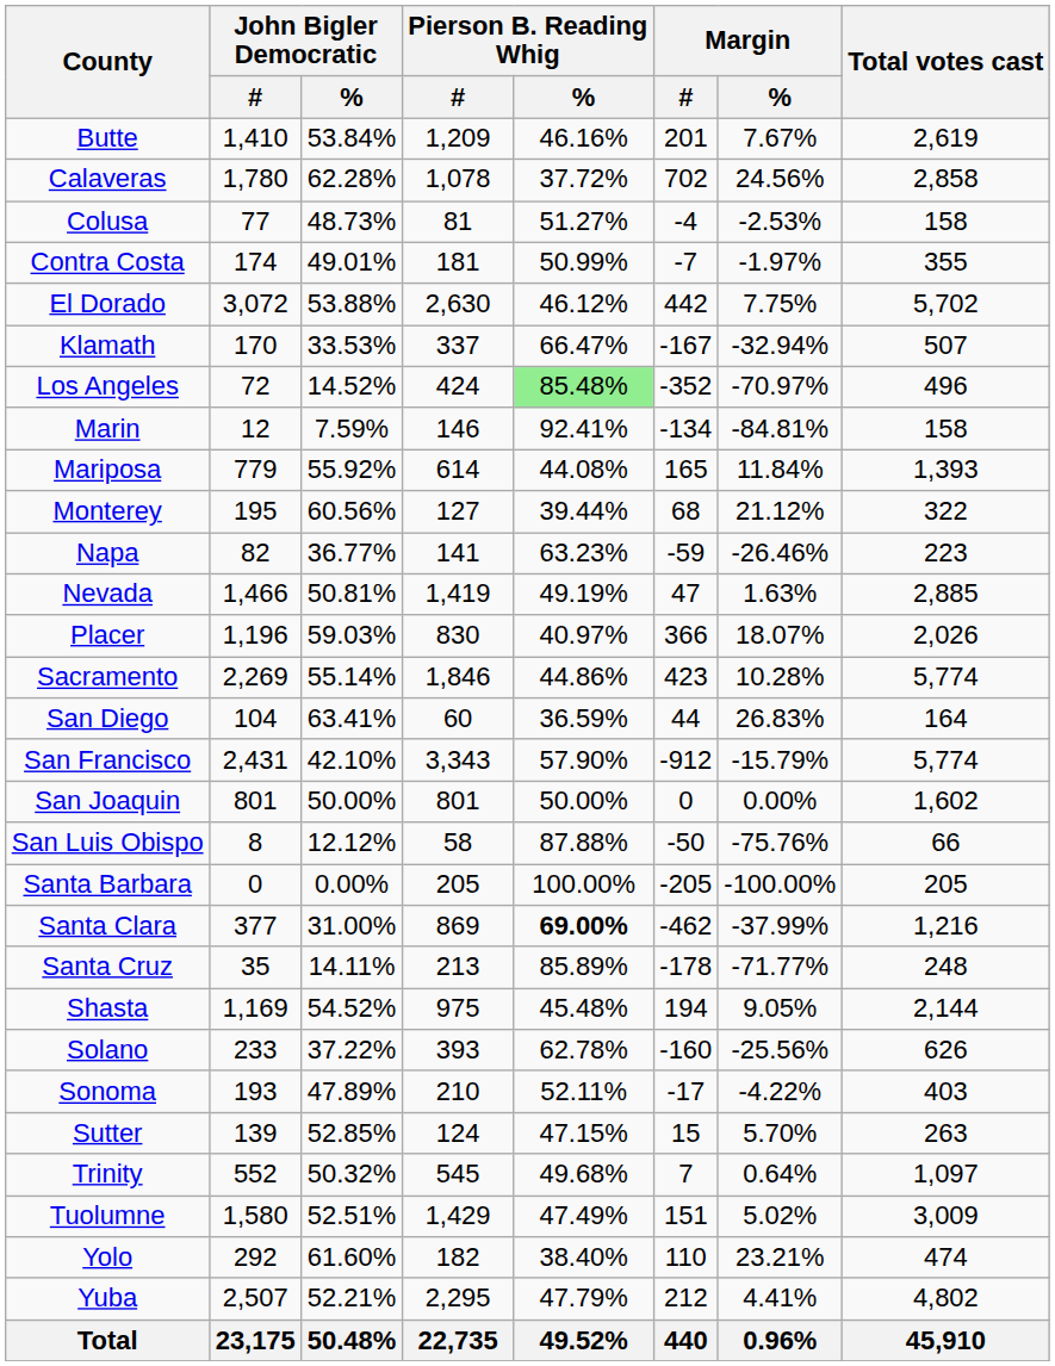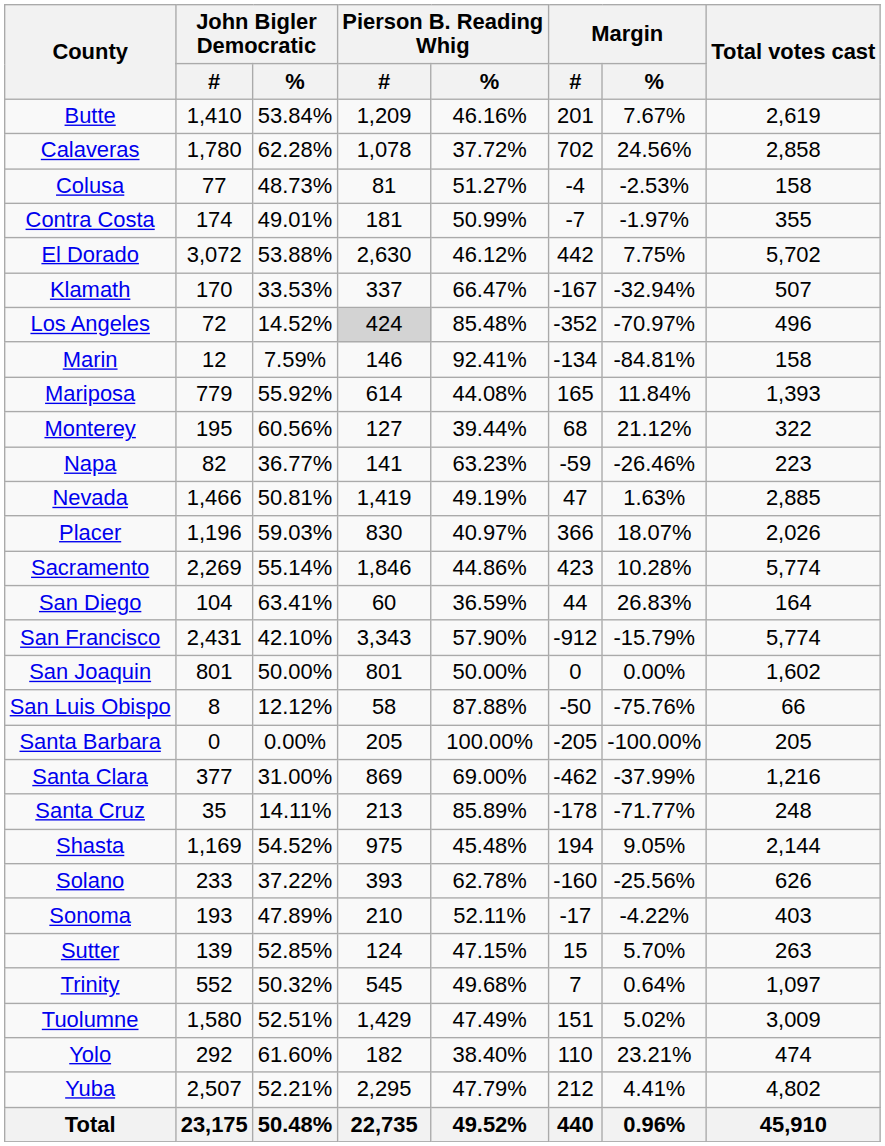 <table class="wikitable sortable" style="text-align:center">
 <tr>
 <th rowspan="2">County</th>
 <th style="text-align:center;" colspan="2">John Bigler<br>Democratic</th>
 <th style="text-align:center;" colspan="2">Pierson B. Reading<br>Whig</th>
 <th style="text-align:center;" colspan="2">Margin</th>
 <th style="text-align:center;" rowspan="2">Total votes cast</th>
 </tr>
 <tr>
 <th style="text-align:center;" data-sort-type="number">#</th>
 <th style="text-align:center;" data-sort-type="number">%</th>
 <th style="text-align:center;" data-sort-type="number">#</th>
 <th style="text-align:center;" data-sort-type="number">%</th>
 <th style="text-align:center;" data-sort-type="number">#</th>
 <th style="text-align:center;" data-sort-type="number">%</th>
 </tr>
 <tr style="text-align:center;">
 <td><a href='#'>Butte</a></td>
 <td>1,410</td>
 <td>53.84%</td>
 <td>1,209</td>
 <td>46.16%</td>
 <td>201</td>
 <td>7.67%</td>
 <td>2,619</td>
 </tr>
 <tr style="text-align:center;">
 <td><a href='#'>Calaveras</a></td>
 <td>1,780</td>
 <td>62.28%</td>
 <td>1,078</td>
 <td>37.72%</td>
 <td>702</td>
 <td>24.56%</td>
 <td>2,858</td>
 </tr>
 <tr style="text-align:center;">
 <td><a href='#'>Colusa</a></td>
 <td>77</td>
 <td>48.73%</td>
 <td>81</td>
 <td>51.27%</td>
 <td>-4</td>
 <td>-2.53%</td>
 <td>158</td>
 </tr>
 <tr style="text-align:center;">
 <td><a href='#'>Contra Costa</a></td>
 <td>174</td>
 <td>49.01%</td>
 <td>181</td>
 <td>50.99%</td>
 <td>-7</td>
 <td>-1.97%</td>
 <td>355</td>
 </tr>
 <tr style="text-align:center;">
 <td><a href='#'>El Dorado</a></td>
 <td>3,072</td>
 <td>53.88%</td>
 <td>2,630</td>
 <td>46.12%</td>
 <td>442</td>
 <td>7.75%</td>
 <td>5,702</td>
 </tr>
 <tr style="text-align:center;">
 <td><a href='#'>Klamath</a></td>
 <td>170</td>
 <td>33.53%</td>
 <td>337</td>
 <td>66.47%</td>
 <td>-167</td>
 <td>-32.94%</td>
 <td>507</td>
 </tr>
 <tr style="text-align:center;">
 <td><a href='#'>Los Angeles</a></td>
 <td>72</td>
 <td>14.52%</td>
-<td>424</td>
-<td style="background: lightgreen;">85.48%</td>
+<td style="background: lightgrey;">424</td>
+<td>85.48%</td>
 <td>-352</td>
 <td>-70.97%</td>
 <td>496</td>
 </tr>
 <tr style="text-align:center;">
 <td><a href='#'>Marin</a></td>
 <td>12</td>
 <td>7.59%</td>
 <td>146</td>
 <td>92.41%</td>
 <td>-134</td>
 <td>-84.81%</td>
 <td>158</td>
 </tr>
 <tr style="text-align:center;">
 <td><a href='#'>Mariposa</a></td>
 <td>779</td>
 <td>55.92%</td>
 <td>614</td>
 <td>44.08%</td>
 <td>165</td>
 <td>11.84%</td>
 <td>1,393</td>
 </tr>
 <tr style="text-align:center;">
 <td><a href='#'>Monterey</a></td>
 <td>195</td>
 <td>60.56%</td>
 <td>127</td>
 <td>39.44%</td>
 <td>68</td>
 <td>21.12%</td>
 <td>322</td>
 </tr>
 <tr style="text-align:center;">
 <td><a href='#'>Napa</a></td>
 <td>82</td>
 <td>36.77%</td>
 <td>141</td>
 <td>63.23%</td>
 <td>-59</td>
 <td>-26.46%</td>
 <td>223</td>
 </tr>
 <tr style="text-align:center;">
 <td><a href='#'>Nevada</a></td>
 <td>1,466</td>
 <td>50.81%</td>
 <td>1,419</td>
 <td>49.19%</td>
 <td>47</td>
 <td>1.63%</td>
 <td>2,885</td>
 </tr>
 <tr style="text-align:center;">
 <td><a href='#'>Placer</a></td>
 <td>1,196</td>
 <td>59.03%</td>
 <td>830</td>
 <td>40.97%</td>
 <td>366</td>
 <td>18.07%</td>
 <td>2,026</td>
 </tr>
 <tr style="text-align:center;">
 <td><a href='#'>Sacramento</a></td>
 <td>2,269</td>
 <td>55.14%</td>
 <td>1,846</td>
 <td>44.86%</td>
 <td>423</td>
 <td>10.28%</td>
 <td>5,774</td>
 </tr>
 <tr style="text-align:center;">
 <td><a href='#'>San Diego</a></td>
 <td>104</td>
 <td>63.41%</td>
 <td>60</td>
 <td>36.59%</td>
 <td>44</td>
 <td>26.83%</td>
 <td>164</td>
 </tr>
 <tr style="text-align:center;">
 <td><a href='#'>San Francisco</a></td>
 <td>2,431</td>
 <td>42.10%</td>
 <td>3,343</td>
 <td>57.90%</td>
 <td>-912</td>
 <td>-15.79%</td>
 <td>5,774</td>
 </tr>
 <tr style="text-align:center;">
 <td><a href='#'>San Joaquin</a></td>
 <td>801</td>
 <td>50.00%</td>
 <td>801</td>
 <td>50.00%</td>
 <td>0</td>
 <td>0.00%</td>
 <td>1,602</td>
 </tr>
 <tr style="text-align:center;">
 <td><a href='#'>San Luis Obispo</a></td>
 <td>8</td>
 <td>12.12%</td>
 <td>58</td>
 <td>87.88%</td>
 <td>-50</td>
 <td>-75.76%</td>
 <td>66</td>
 </tr>
 <tr style="text-align:center;">
 <td><a href='#'>Santa Barbara</a></td>
 <td>0</td>
 <td>0.00%</td>
 <td>205</td>
 <td>100.00%</td>
 <td>-205</td>
 <td>-100.00%</td>
 <td>205</td>
 </tr>
 <tr style="text-align:center;">
 <td><a href='#'>Santa Clara</a></td>
 <td>377</td>
 <td>31.00%</td>
 <td>869</td>
-<td><strong>69.00%</strong></td>
+<td>69.00%</td>
 <td>-462</td>
 <td>-37.99%</td>
 <td>1,216</td>
 </tr>
 <tr style="text-align:center;">
 <td><a href='#'>Santa Cruz</a></td>
 <td>35</td>
 <td>14.11%</td>
 <td>213</td>
 <td>85.89%</td>
 <td>-178</td>
 <td>-71.77%</td>
 <td>248</td>
 </tr>
 <tr style="text-align:center;">
 <td><a href='#'>Shasta</a></td>
 <td>1,169</td>
 <td>54.52%</td>
 <td>975</td>
 <td>45.48%</td>
 <td>194</td>
 <td>9.05%</td>
 <td>2,144</td>
 </tr>
 <tr style="text-align:center;">
 <td><a href='#'>Solano</a></td>
 <td>233</td>
 <td>37.22%</td>
 <td>393</td>
 <td>62.78%</td>
 <td>-160</td>
 <td>-25.56%</td>
 <td>626</td>
 </tr>
 <tr style="text-align:center;">
 <td><a href='#'>Sonoma</a></td>
 <td>193</td>
 <td>47.89%</td>
 <td>210</td>
 <td>52.11%</td>
 <td>-17</td>
 <td>-4.22%</td>
 <td>403</td>
 </tr>
 <tr style="text-align:center;">
 <td><a href='#'>Sutter</a></td>
 <td>139</td>
 <td>52.85%</td>
 <td>124</td>
 <td>47.15%</td>
 <td>15</td>
 <td>5.70%</td>
 <td>263</td>
 </tr>
 <tr style="text-align:center;">
 <td><a href='#'>Trinity</a></td>
 <td>552</td>
 <td>50.32%</td>
 <td>545</td>
 <td>49.68%</td>
 <td>7</td>
 <td>0.64%</td>
 <td>1,097</td>
 </tr>
 <tr style="text-align:center;">
 <td><a href='#'>Tuolumne</a></td>
 <td>1,580</td>
 <td>52.51%</td>
 <td>1,429</td>
 <td>47.49%</td>
 <td>151</td>
 <td>5.02%</td>
 <td>3,009</td>
 </tr>
 <tr style="text-align:center;">
 <td><a href='#'>Yolo</a></td>
 <td>292</td>
 <td>61.60%</td>
 <td>182</td>
 <td>38.40%</td>
 <td>110</td>
 <td>23.21%</td>
 <td>474</td>
 </tr>
 <tr style="text-align:center;">
 <td><a href='#'>Yuba</a></td>
 <td>2,507</td>
 <td>52.21%</td>
 <td>2,295</td>
 <td>47.79%</td>
 <td>212</td>
 <td>4.41%</td>
 <td>4,802</td>
 </tr>
 <tr style="text-align:center;">
 <th>Total</th>
 <th>23,175</th>
 <th>50.48%</th>
 <th>22,735</th>
 <th>49.52%</th>
 <th>440</th>
 <th>0.96%</th>
 <th>45,910</th>
 </tr>
 </table>
